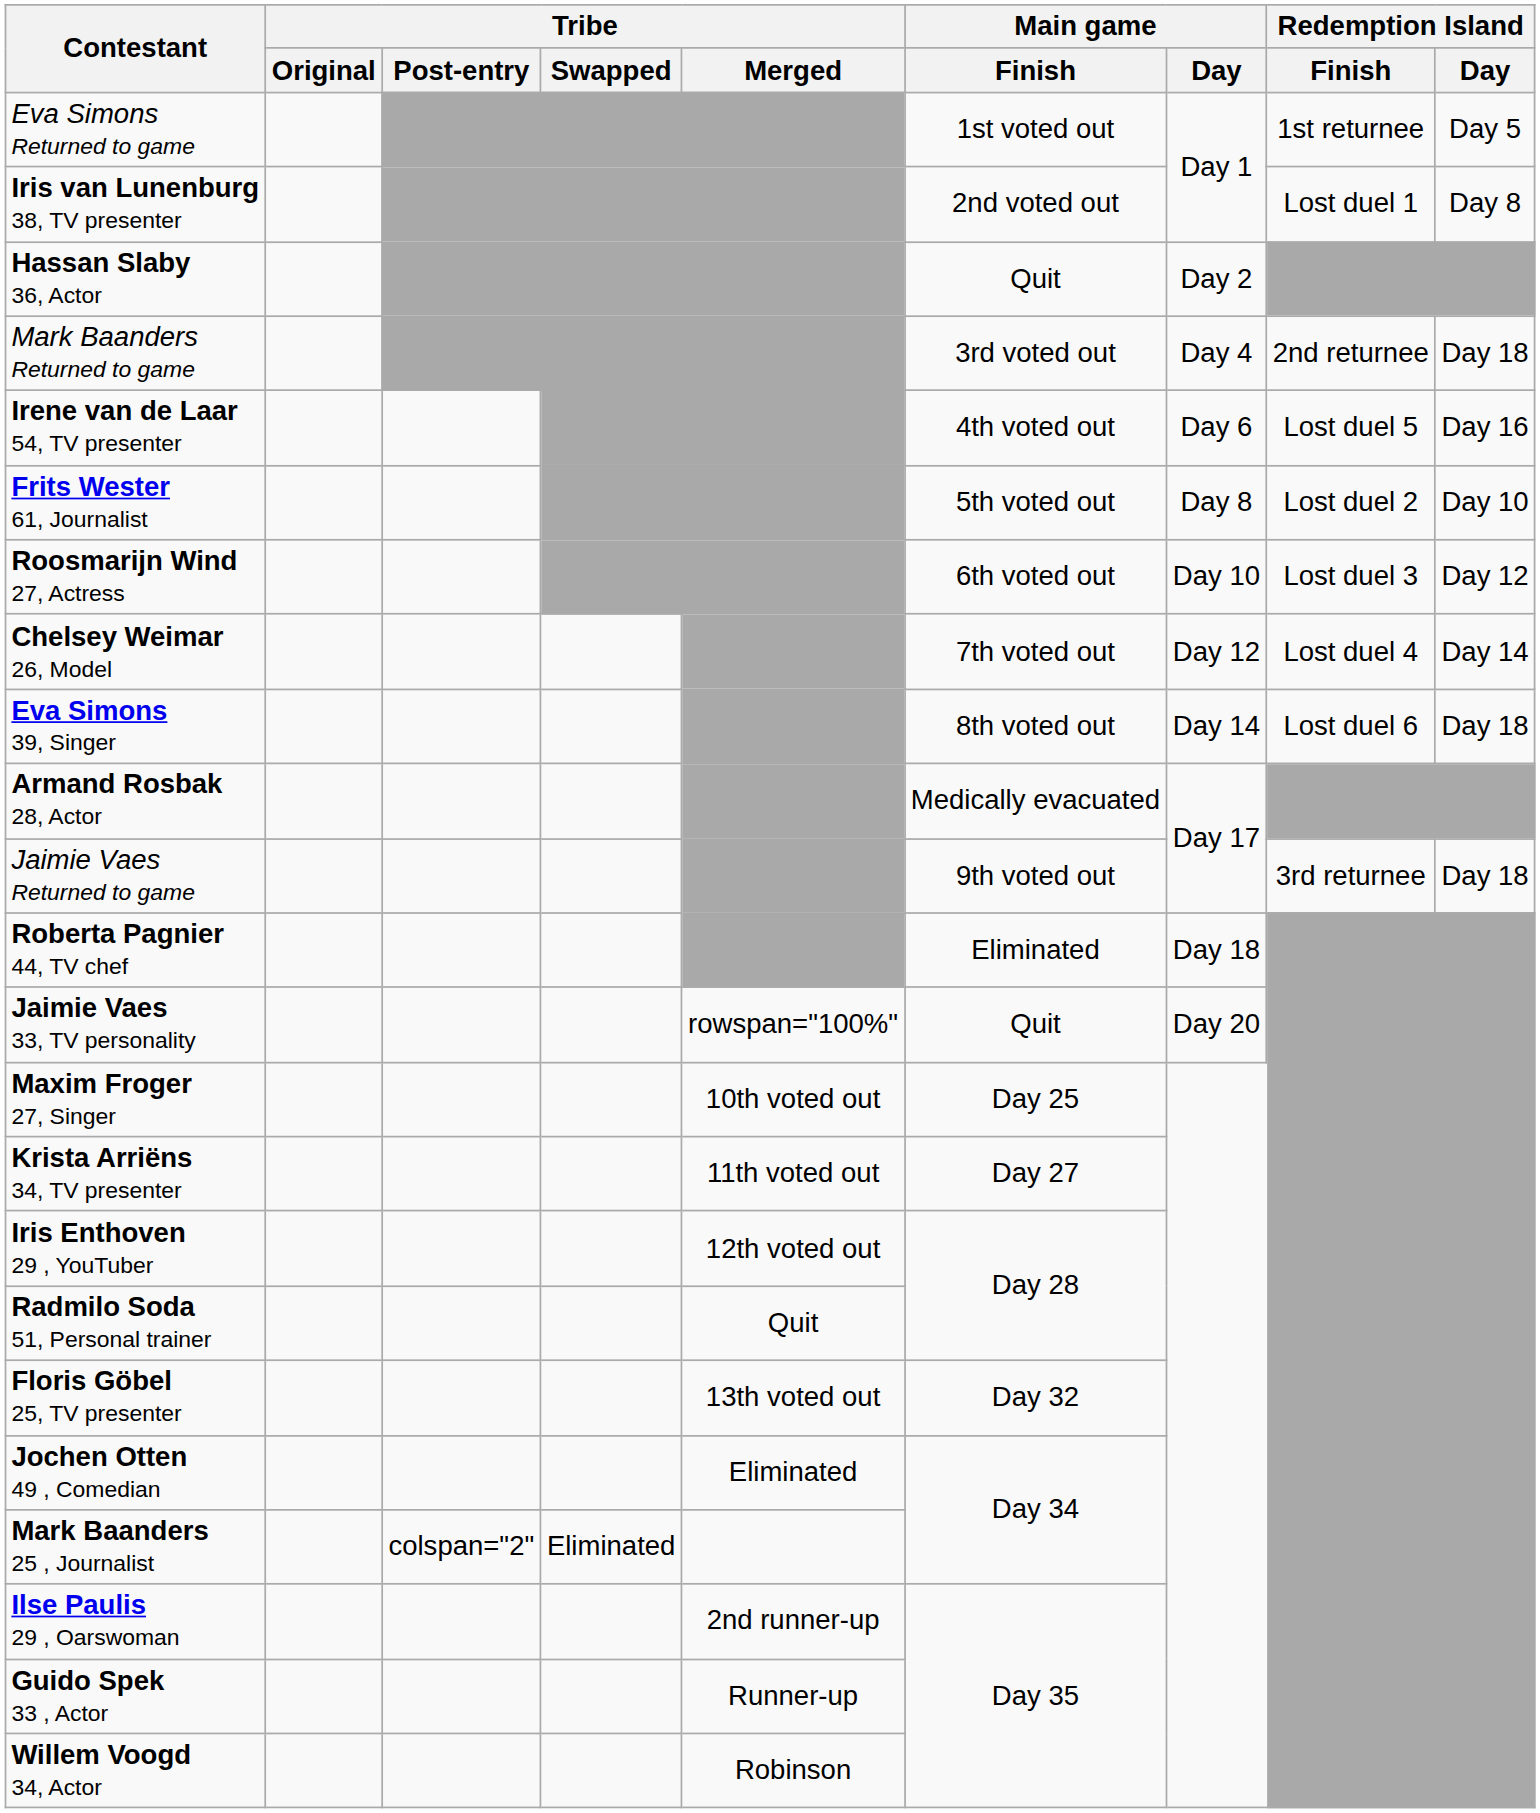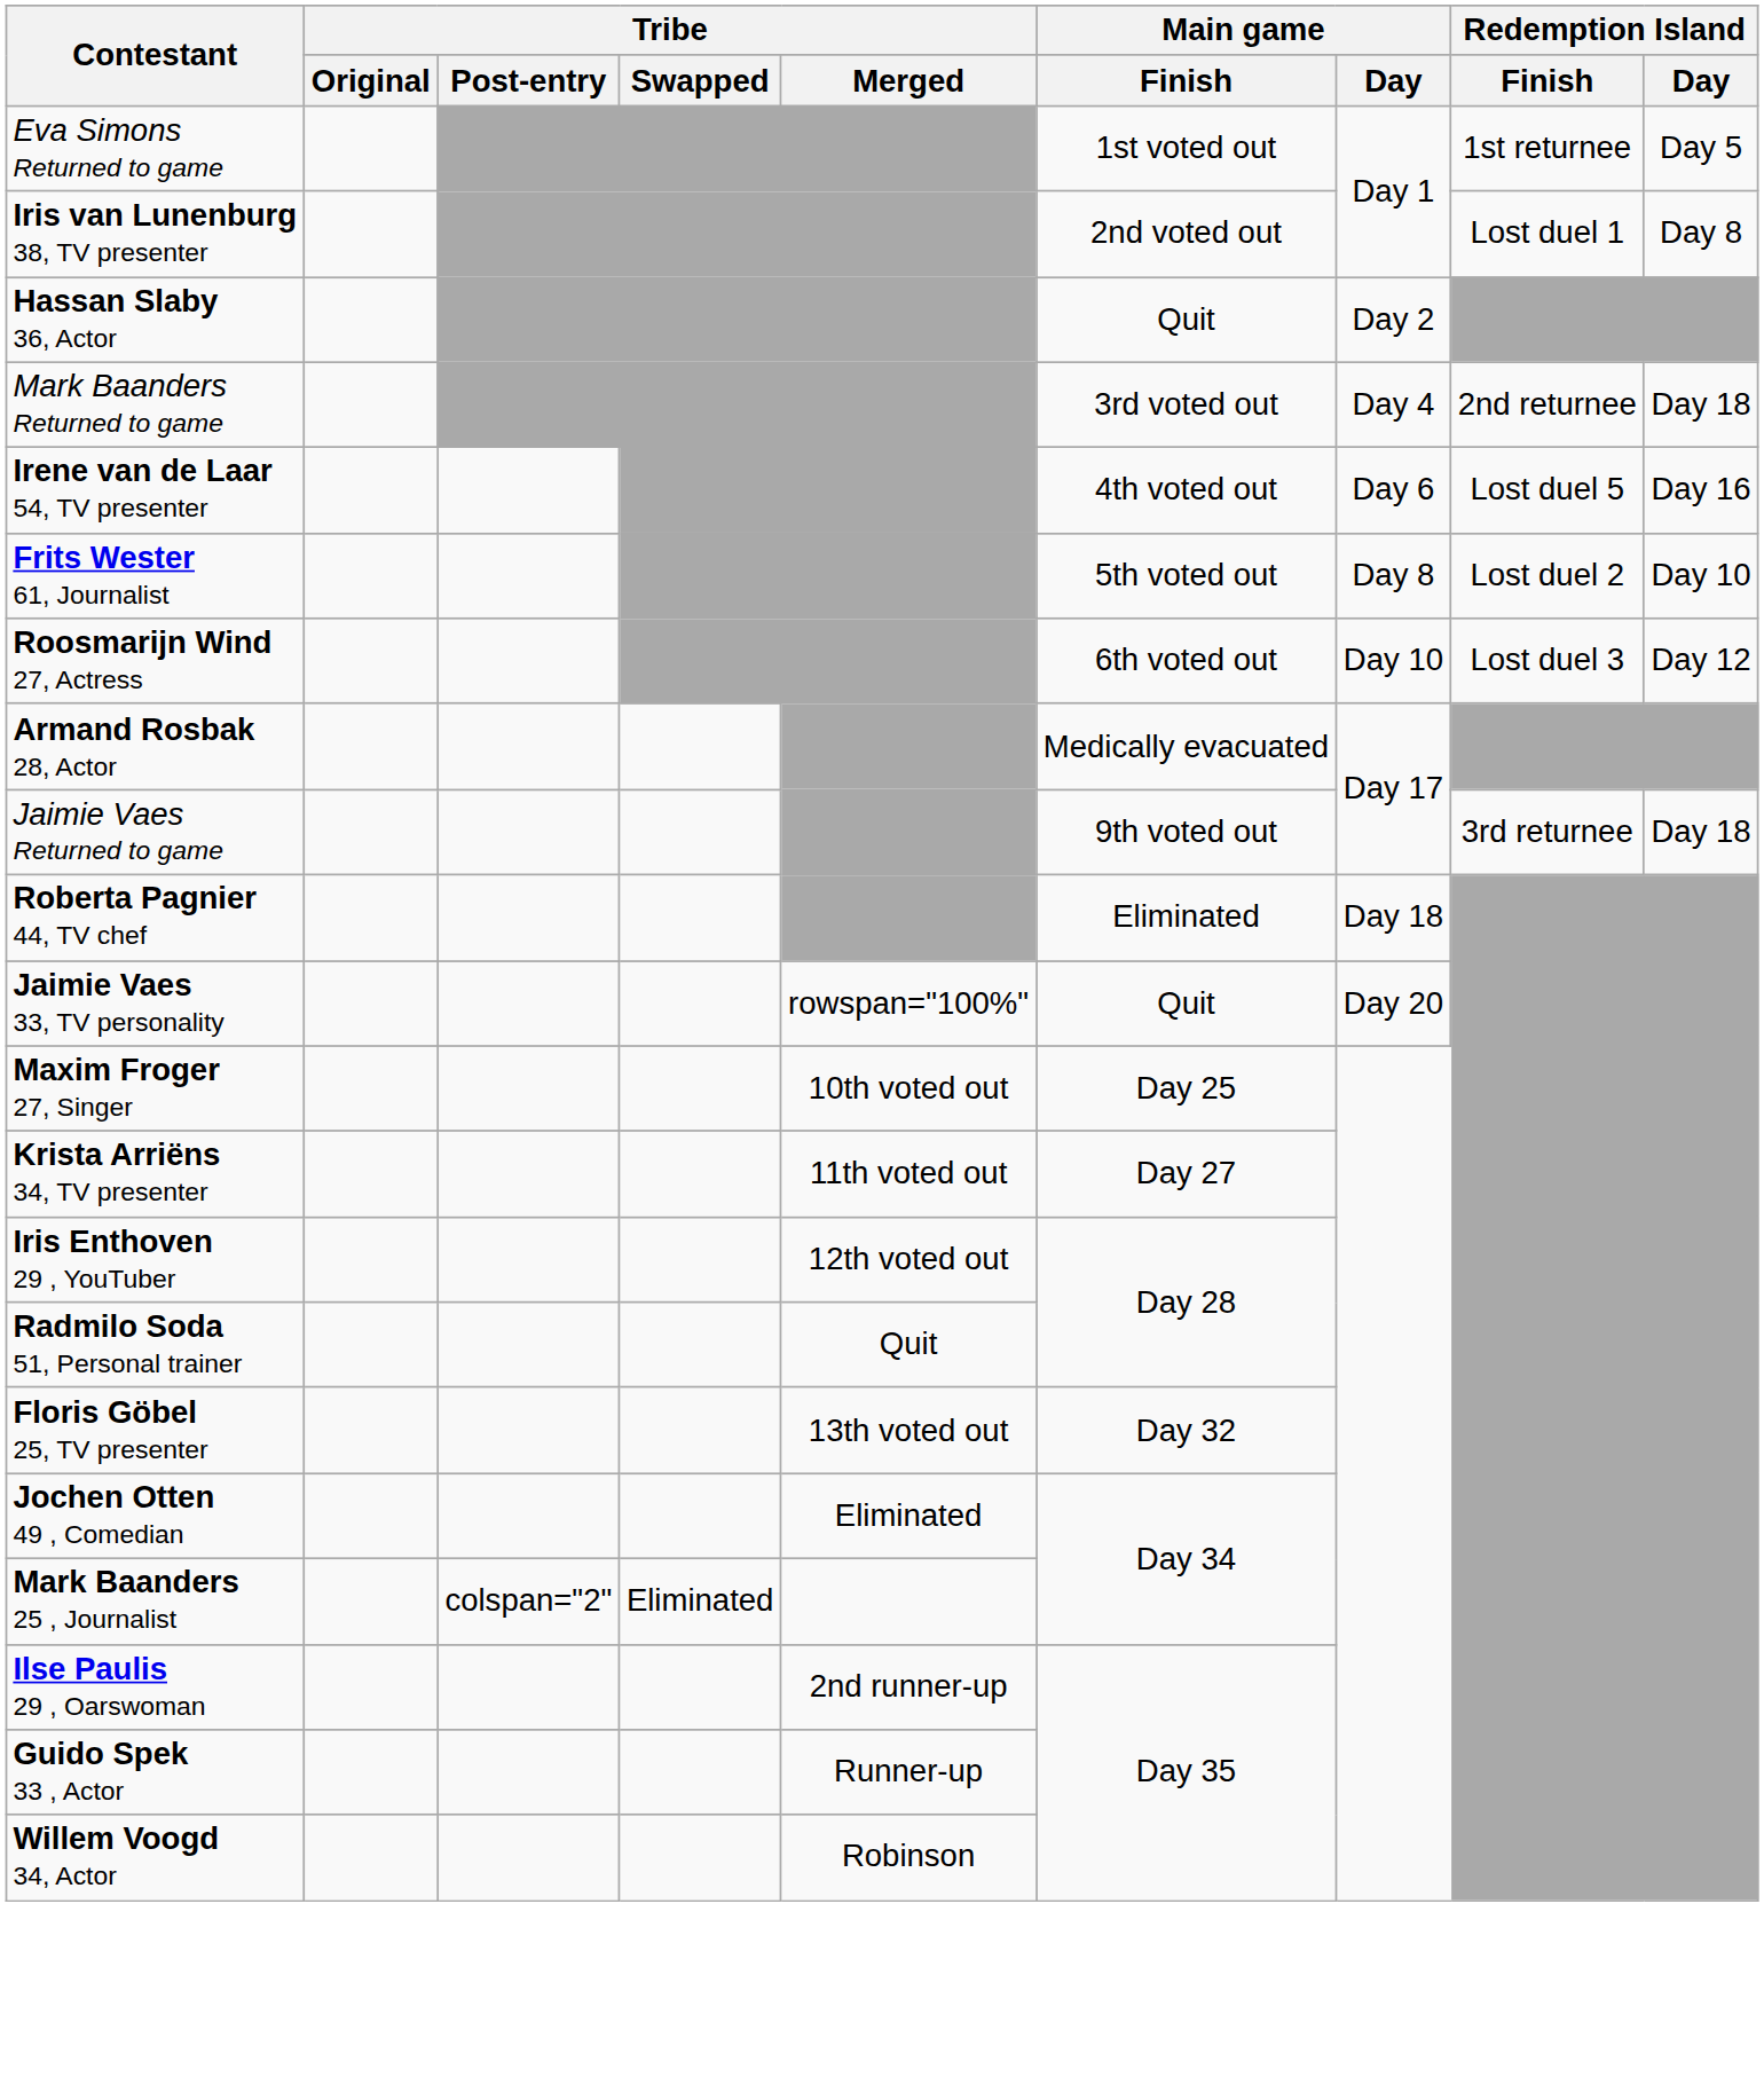 <table class="wikitable sortable" style="margin:auto; text-align:center">
 <tr>
 <th rowspan="2" scope="col">Contestant</th>
 <th colspan="4" scope="colgroup">Tribe</th>
 <th colspan="2" scope="colgroup">Main game</th>
 <th colspan="2" scope="colgroup">Redemption Island</th>
 </tr>
 <tr>
 <th scope="col">Original</th>
 <th scope="col">Post-entry</th>
 <th scope="col">Swapped</th>
 <th class="unsortable">Merged</th>
 <th scope="col" class="unsortable">Finish</th>
 <th scope="col" class="unsortable">Day</th>
 <th scope="col" class="unsortable">Finish</th>
 <th scope="col" class="unsortable">Day</th>
 </tr>
 <tr>
 <td style="text-align: left;"><em>Eva Simons</em> <br><small><em>Returned to game</em></small></td>
 <td></td>
 <td colspan="3" style="background:darkgray; border:none;"></td>
 <td>1st voted out</td>
 <td rowspan="2">Day 1</td>
 <td>1st returnee</td>
 <td>Day 5</td>
 </tr>
 <tr>
 <td style="text-align: left;"><strong>Iris van Lunenburg</strong><br><small> 38, TV presenter</small></td>
 <td></td>
 <td colspan="3" style="background:darkgray; border:none;"></td>
 <td>2nd voted out</td>
 <td>Lost duel 1</td>
 <td>Day 8</td>
 </tr>
 <tr>
 <td style="text-align: left;"><strong>Hassan Slaby</strong><br><small>36, Actor</small></td>
 <td></td>
 <td colspan="3" style="background:darkgray; border:none;"></td>
 <td>Quit</td>
 <td>Day 2</td>
 <td colspan="2" style="background:darkgray; border:none;"></td>
 </tr>
 <tr>
 <td style="text-align: left;"><em>Mark Baanders</em> <br><small><em>Returned to game</em></small></td>
 <td></td>
 <td colspan="3" style="background:darkgray; border:none;"></td>
 <td>3rd voted out</td>
 <td>Day 4</td>
 <td>2nd returnee</td>
 <td>Day 18</td>
 </tr>
 <tr>
 <td style="text-align: left;"><strong>Irene van de Laar</strong><br><small>54, TV presenter</small></td>
 <td></td>
 <td></td>
 <td colspan="2" style="background:darkgray; border:none;"></td>
 <td>4th voted out</td>
 <td>Day 6</td>
 <td>Lost duel 5</td>
 <td>Day 16</td>
 </tr>
 <tr>
 <td style="text-align: left;"><strong><a href='#'>Frits Wester</a></strong><br><small> 61, Journalist</small></td>
 <td></td>
 <td></td>
 <td colspan="2" style="background:darkgray; border:none;"></td>
 <td>5th voted out</td>
 <td>Day 8</td>
 <td>Lost duel 2</td>
 <td>Day 10</td>
 </tr>
 <tr>
 <td style="text-align: left;"><strong>Roosmarijn Wind</strong><br><small> 27, Actress</small></td>
 <td></td>
 <td></td>
 <td colspan="2" style="background:darkgray; border:none;"></td>
 <td>6th voted out</td>
 <td>Day 10</td>
 <td>Lost duel 3</td>
 <td>Day 12</td>
-</tr>
-<tr>
-<td style="text-align: left;"><strong>Chelsey Weimar</strong><br><small> 26,  Model</small></td>
-<td></td>
-<td></td>
-<td></td>
-<td style="background:darkgray; border:none;"></td>
-<td>7th voted out</td>
-<td>Day 12</td>
-<td>Lost duel 4</td>
-<td>Day 14</td>
-</tr>
-<tr>
-<td style="text-align: left;"><strong><a href='#'>Eva Simons</a></strong><br><small> 39, Singer</small></td>
-<td></td>
-<td></td>
-<td></td>
-<td style="background:darkgray; border:none;"></td>
-<td>8th voted out</td>
-<td>Day 14</td>
-<td>Lost duel 6</td>
-<td>Day 18</td>
 </tr>
 <tr>
 <td style="text-align: left;"><strong>Armand Rosbak</strong><br><small> 28, Actor</small></td>
 <td></td>
 <td></td>
 <td></td>
 <td style="background:darkgray; border:none;"></td>
 <td>Medically evacuated</td>
 <td rowspan="2">Day 17</td>
 <td colspan="2" style="background:darkgray; border:none;"></td>
 </tr>
 <tr>
 <td style="text-align: left;"><em>Jaimie Vaes</em> <br><small><em>Returned to game</em></small></td>
 <td></td>
 <td></td>
 <td></td>
 <td style="background:darkgray; border:none;"></td>
 <td>9th voted out</td>
 <td>3rd returnee</td>
 <td>Day 18</td>
 </tr>
 <tr>
 <td style="text-align: left;"><strong>Roberta Pagnier</strong><br><small>44,  TV chef</small></td>
 <td></td>
 <td></td>
 <td></td>
 <td style="background:darkgray; border:none;"></td>
 <td>Eliminated</td>
 <td>Day 18</td>
 <td rowspan="100%" colspan="2" style="background:darkgray; border:none;"></td>
 </tr>
 <tr>
 <td style="text-align: left;"><strong>Jaimie Vaes</strong><br><small> 33, TV personality</small></td>
 <td></td>
 <td></td>
 <td></td>
 <td>rowspan="100%" </td>
 <td>Quit</td>
 <td>Day 20</td>
 </tr>
 <tr>
 <td style="text-align: left;"><strong>Maxim Froger</strong><br><small>27, Singer</small></td>
 <td></td>
 <td></td>
 <td></td>
 <td>10th voted out</td>
 <td>Day 25</td>
 </tr>
 <tr>
 <td style="text-align: left;"><strong>Krista Arriëns</strong><br><small>34, TV presenter</small></td>
 <td></td>
 <td></td>
 <td></td>
 <td>11th voted out</td>
 <td>Day 27</td>
 </tr>
 <tr>
 <td style="text-align: left;"><strong>Iris Enthoven</strong> <br><small>29 , YouTuber</small></td>
 <td></td>
 <td></td>
 <td></td>
 <td>12th voted out</td>
 <td rowspan="2">Day 28</td>
 </tr>
 <tr>
 <td style="text-align: left;"><strong>Radmilo Soda</strong><br><small> 51,  Personal trainer</small></td>
 <td></td>
 <td></td>
 <td></td>
 <td>Quit</td>
 </tr>
 <tr>
 <td style="text-align: left;"><strong>Floris Göbel</strong> <br><small> 25, TV presenter</small></td>
 <td></td>
 <td></td>
 <td></td>
 <td>13th voted out</td>
 <td>Day 32</td>
 </tr>
 <tr>
 <td style="text-align: left;"><strong>Jochen Otten</strong><br><small>49 , Comedian</small></td>
 <td></td>
 <td></td>
 <td></td>
 <td>Eliminated</td>
 <td rowspan="2">Day 34</td>
 </tr>
 <tr>
 <td style="text-align: left;"><strong>Mark Baanders</strong><br><small>25 , Journalist</small></td>
 <td></td>
 <td>colspan="2" </td>
 <td>Eliminated</td>
 </tr>
 <tr>
 <td style="text-align: left;"><strong><a href='#'>Ilse Paulis</a></strong> <br><small>29 , Oarswoman</small></td>
 <td></td>
 <td></td>
 <td></td>
 <td>2nd runner-up</td>
 <td rowspan="3">Day 35</td>
 </tr>
 <tr>
 <td style="text-align: left;"><strong>Guido Spek</strong><br><small>33 , Actor</small></td>
 <td></td>
 <td></td>
 <td></td>
 <td>Runner-up</td>
 </tr>
 <tr>
 <td style="text-align: left;"><strong>Willem Voogd</strong> <br><small>34, Actor</small></td>
 <td></td>
 <td></td>
 <td></td>
 <td>Robinson</td>
 </tr>
 </table>
